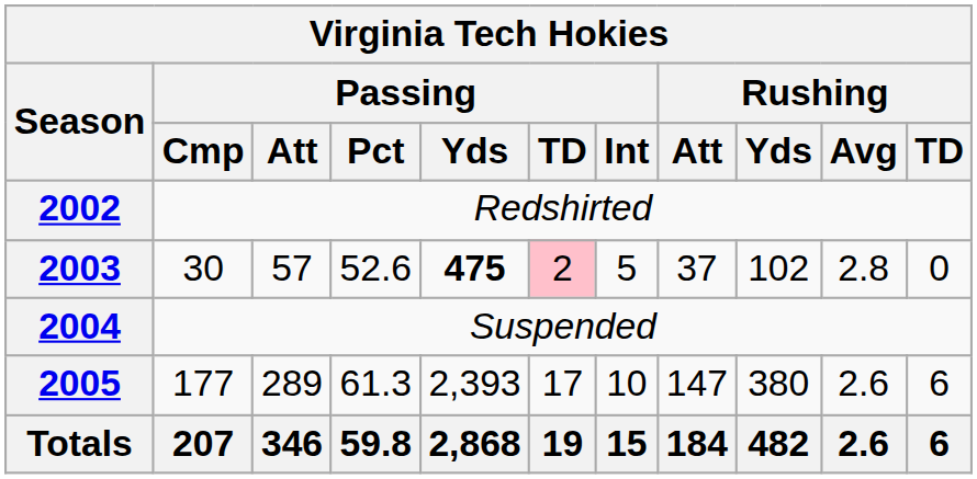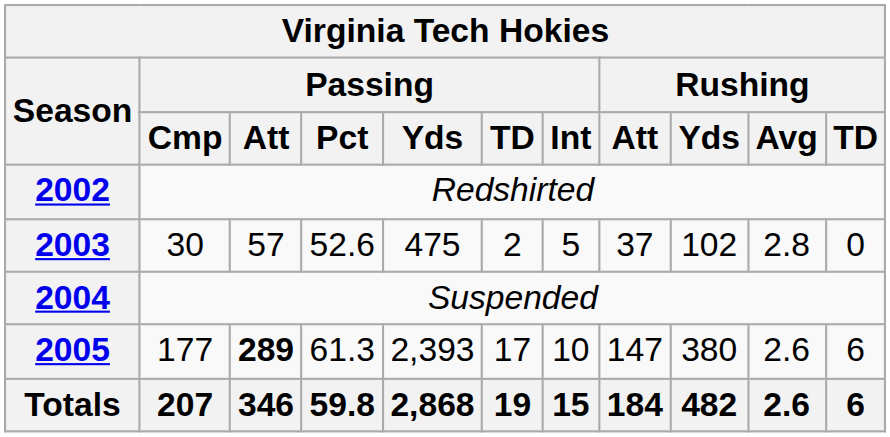 <table class=wikitable style="text-align:center;">
 <tr>
 <th colspan="12">Virginia Tech Hokies</th>
 </tr>
 <tr>
 <th rowspan="2">Season</th>
 <th colspan="6">Passing</th>
 <th colspan="4">Rushing</th>
 </tr>
 <tr>
 <th>Cmp</th>
 <th>Att</th>
 <th>Pct</th>
 <th>Yds</th>
 <th>TD</th>
 <th>Int</th>
 <th>Att</th>
 <th>Yds</th>
 <th>Avg</th>
 <th>TD</th>
 </tr>
 <tr>
 <th><a href='#'>2002</a></th>
 <td colspan="10"><em>Redshirted</em></td>
 </tr>
 <tr>
 <th><a href='#'>2003</a></th>
 <td>30</td>
 <td>57</td>
 <td>52.6</td>
-<td><strong>475</strong></td>
-<td style="background: pink;">2</td>
+<td>475</td>
+<td>2</td>
 <td>5</td>
 <td>37</td>
 <td>102</td>
 <td>2.8</td>
 <td>0</td>
 </tr>
 <tr>
 <th><a href='#'>2004</a></th>
 <td colspan="10"><em>Suspended</em></td>
 </tr>
 <tr>
 <th><a href='#'>2005</a></th>
 <td>177</td>
-<td>289</td>
+<td><strong>289</strong></td>
 <td>61.3</td>
 <td>2,393</td>
 <td>17</td>
 <td>10</td>
 <td>147</td>
 <td>380</td>
 <td>2.6</td>
 <td>6</td>
 </tr>
 <tr>
 <th>Totals</th>
 <th>207</th>
 <th>346</th>
 <th>59.8</th>
 <th>2,868</th>
 <th>19</th>
 <th>15</th>
 <th>184</th>
 <th>482</th>
 <th>2.6</th>
 <th>6</th>
 </tr>
 </table>
